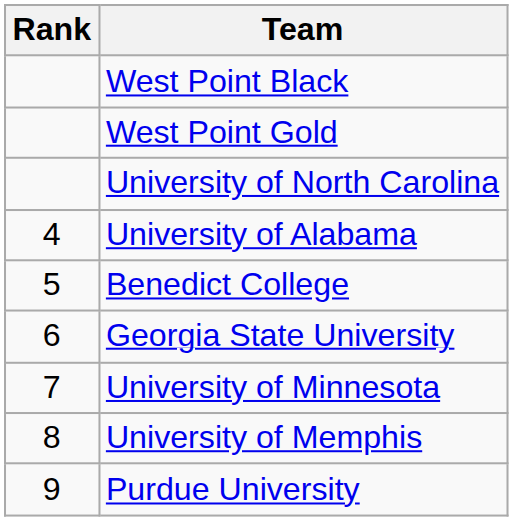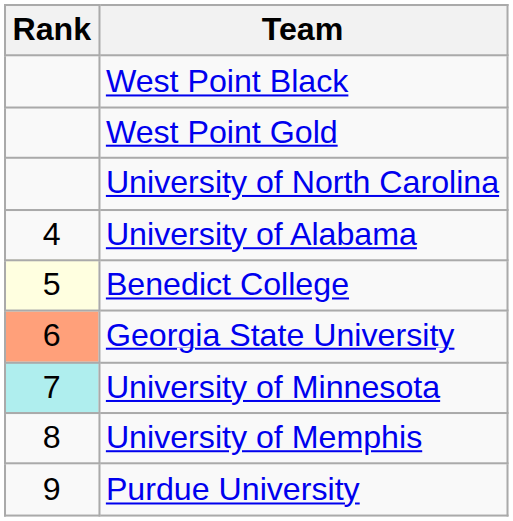 <table class="wikitable">
 <tr>
 <th>Rank</th>
 <th>Team</th>
 </tr>
 <tr>
 <td align=center></td>
 <td align="left"><a href='#'>West Point Black</a></td>
 </tr>
 <tr>
 <td align=center></td>
 <td align="left"><a href='#'>West Point Gold</a></td>
 </tr>
 <tr>
 <td align=center></td>
 <td align="left"><a href='#'>University of North Carolina</a></td>
 </tr>
 <tr>
 <td align=center>4</td>
 <td align="left"><a href='#'>University of Alabama</a></td>
 </tr>
 <tr>
-<td align=center>5</td>
+<td align=center style="background: lightyellow;">5</td>
 <td align="left"><a href='#'>Benedict College</a></td>
 </tr>
 <tr>
-<td align=center>6</td>
+<td align=center style="background: lightsalmon;">6</td>
 <td align="left"><a href='#'>Georgia State University</a></td>
 </tr>
 <tr>
-<td align=center>7</td>
+<td align=center style="background: paleturquoise;">7</td>
 <td align="left"><a href='#'>University of Minnesota</a></td>
 </tr>
 <tr>
 <td align=center>8</td>
 <td align="left"><a href='#'>University of Memphis</a></td>
 </tr>
 <tr>
 <td align=center>9</td>
 <td align="left"><a href='#'>Purdue University</a></td>
 </tr>
 </table>
